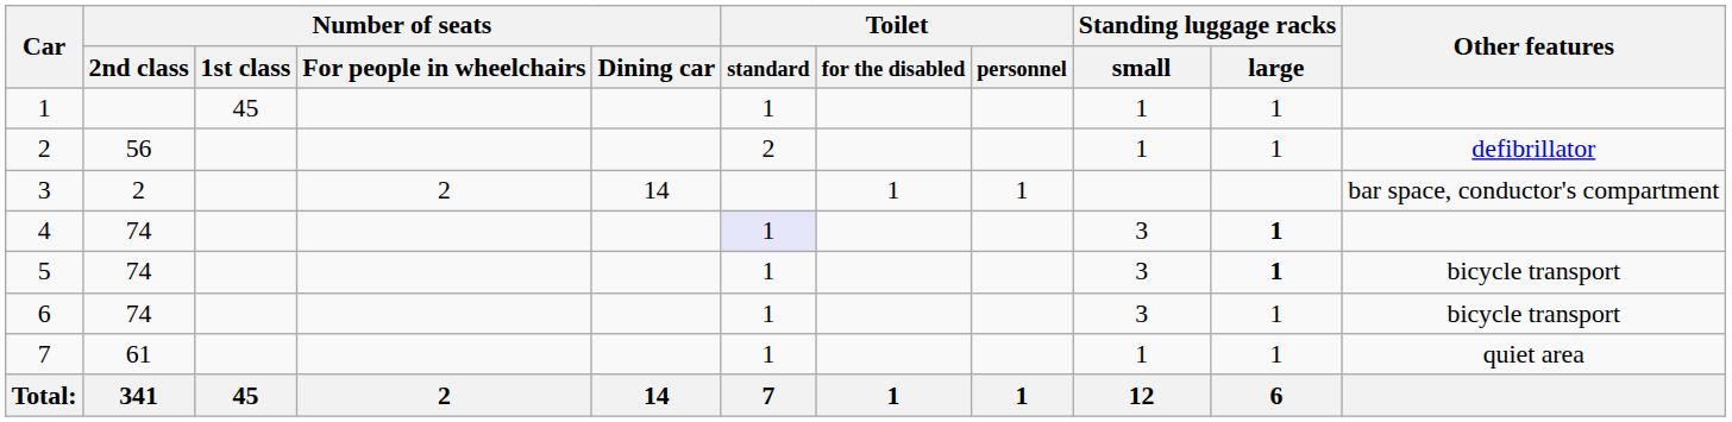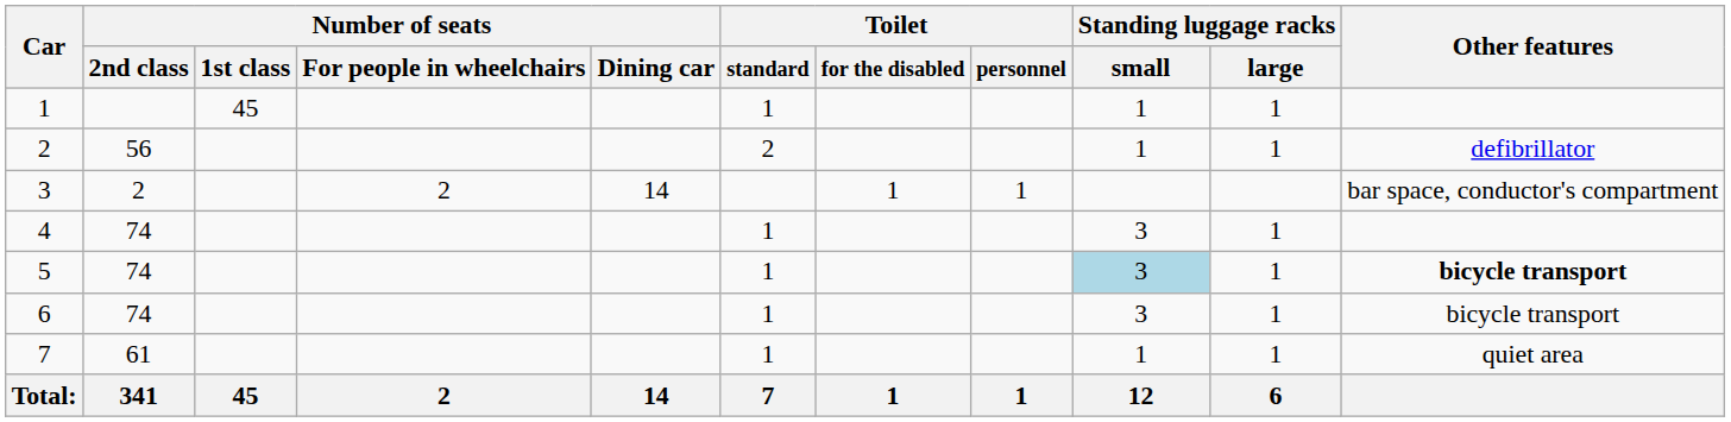 <table class="wikitable" style="text-align:center">
 <tr>
 <th rowspan="2">Car</th>
 <th colspan="4">Number of seats</th>
 <th colspan="3">Toilet</th>
 <th colspan="2">Standing luggage racks</th>
 <th rowspan="2">Other features</th>
 </tr>
 <tr>
 <th>2nd class</th>
 <th>1st class</th>
 <th>For people in wheelchairs</th>
 <th>Dining car</th>
 <th><small>standard</small></th>
 <th><small>for the disabled</small></th>
 <th><small>personnel</small></th>
 <th>small</th>
 <th>large</th>
 </tr>
 <tr>
 <td>1</td>
 <td></td>
 <td>45</td>
 <td></td>
 <td></td>
 <td>1</td>
 <td></td>
 <td></td>
 <td>1</td>
 <td>1</td>
 <td></td>
 </tr>
 <tr>
 <td>2</td>
 <td>56</td>
 <td></td>
 <td></td>
 <td></td>
 <td>2</td>
 <td></td>
 <td></td>
 <td>1</td>
 <td>1</td>
 <td><a href='#'>defibrillator</a></td>
 </tr>
 <tr>
 <td>3</td>
 <td>2</td>
 <td></td>
 <td>2</td>
 <td>14</td>
 <td></td>
 <td>1</td>
 <td>1</td>
 <td></td>
 <td></td>
 <td>bar space, conductor's compartment</td>
 </tr>
 <tr>
 <td>4</td>
 <td>74</td>
 <td></td>
 <td></td>
 <td></td>
-<td style="background: lavender;">1</td>
+<td>1</td>
 <td></td>
 <td></td>
 <td>3</td>
-<td><strong>1</strong></td>
+<td>1</td>
 <td></td>
 </tr>
 <tr>
 <td>5</td>
 <td>74</td>
 <td></td>
 <td></td>
 <td></td>
 <td>1</td>
 <td></td>
 <td></td>
-<td>3</td>
-<td><strong>1</strong></td>
-<td>bicycle transport</td>
+<td style="background: lightblue;">3</td>
+<td>1</td>
+<td><strong>bicycle transport</strong></td>
 </tr>
 <tr>
 <td>6</td>
 <td>74</td>
 <td></td>
 <td></td>
 <td></td>
 <td>1</td>
 <td></td>
 <td></td>
 <td>3</td>
 <td>1</td>
 <td>bicycle transport</td>
 </tr>
 <tr>
 <td>7</td>
 <td>61</td>
 <td></td>
 <td></td>
 <td></td>
 <td>1</td>
 <td></td>
 <td></td>
 <td>1</td>
 <td>1</td>
 <td>quiet area</td>
 </tr>
 <tr>
 <th>Total:</th>
 <th>341</th>
 <th>45</th>
 <th>2</th>
 <th>14</th>
 <th>7</th>
 <th>1</th>
 <th>1</th>
 <th>12</th>
 <th>6</th>
 <th></th>
 </tr>
 </table>
